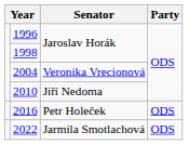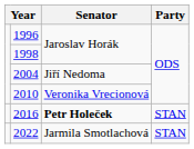 <table class="wikitable">
 <tr>
 <th colspan="2">Year</th>
 <th>Senator</th>
 <th>Party</th>
 </tr>
 <tr>
 <td rowspan="4" style="background-color:"></td>
 <td><a href='#'>1996</a></td>
 <td rowspan="2">Jaroslav Horák</td>
 <td rowspan="4"><a href='#'>ODS</a></td>
 </tr>
 <tr>
 <td><a href='#'>1998</a></td>
 </tr>
 <tr>
 <td><a href='#'>2004</a></td>
-<td><a href='#'>Veronika Vrecionová</a></td>
+<td>Jiří Nedoma</td>
 </tr>
 <tr>
 <td><a href='#'>2010</a></td>
-<td>Jiří Nedoma</td>
+<td><a href='#'>Veronika Vrecionová</a></td>
 </tr>
 <tr>
 <td style="background-color:"></td>
 <td><a href='#'>2016</a></td>
-<td>Petr Holeček</td>
-<td><a href='#'>ODS</a></td>
+<td><strong>Petr Holeček</strong></td>
+<td><a href='#'>STAN</a></td>
 </tr>
 <tr>
 <td style="background-color:"></td>
 <td><a href='#'>2022</a></td>
 <td>Jarmila Smotlachová</td>
-<td><a href='#'>ODS</a></td>
+<td><a href='#'>STAN</a></td>
 </tr>
 </table>
